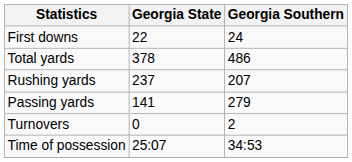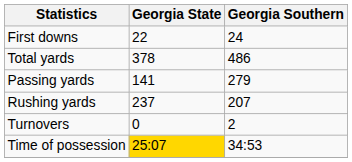 <table class="wikitable">
 <tr>
 <th>Statistics</th>
 <th>Georgia State</th>
 <th>Georgia Southern</th>
 </tr>
 <tr>
 <td>First downs</td>
 <td>22</td>
 <td>24</td>
 </tr>
 <tr>
 <td>Total yards</td>
 <td>378</td>
 <td>486</td>
 </tr>
 <tr>
+<td>Passing yards</td>
+<td>141</td>
+<td>279</td>
+</tr>
+<tr>
 <td>Rushing yards</td>
 <td>237</td>
 <td>207</td>
-</tr>
-<tr>
-<td>Passing yards</td>
-<td>141</td>
-<td>279</td>
 </tr>
 <tr>
 <td>Turnovers</td>
 <td>0</td>
 <td>2</td>
 </tr>
 <tr>
 <td>Time of possession</td>
-<td>25:07</td>
+<td style="background: gold;">25:07</td>
 <td>34:53</td>
 </tr>
 <tr>
 </tr>
 </table>
